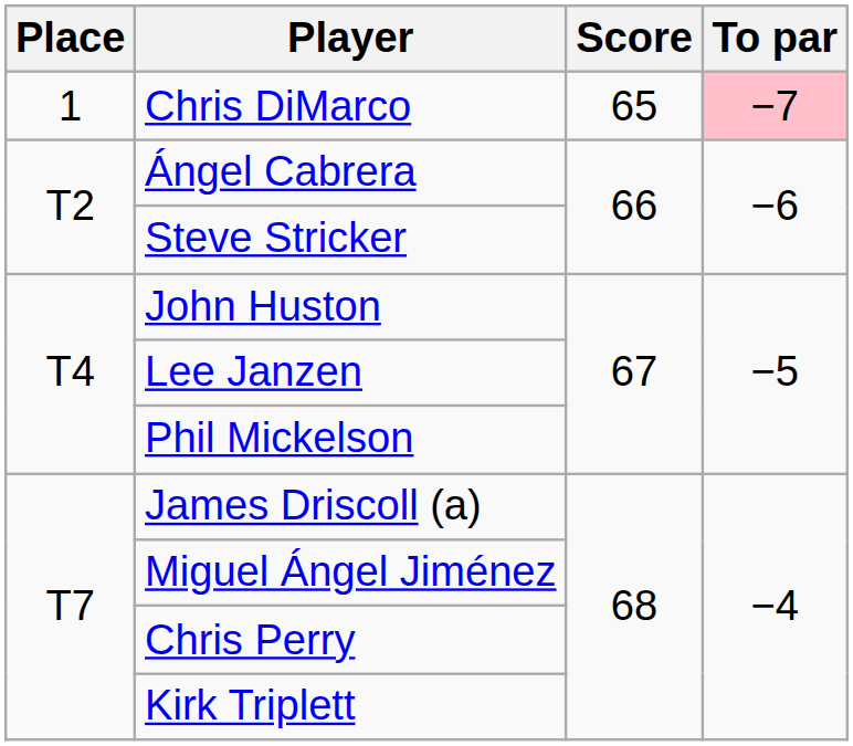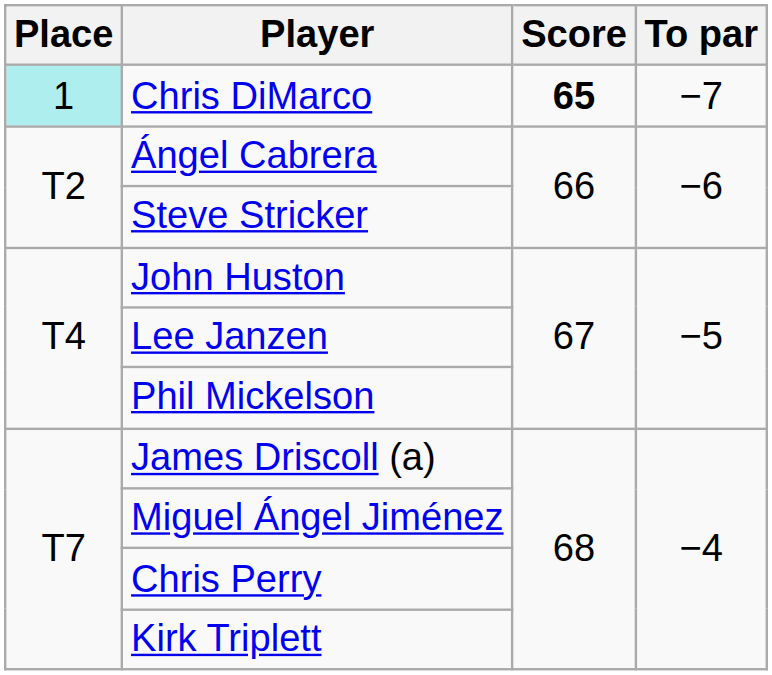 <table class="wikitable">
 <tr>
 <th>Place</th>
 <th>Player</th>
 <th>Score</th>
 <th>To par</th>
 </tr>
 <tr>
-<td align=center>1</td>
+<td align=center style="background: paleturquoise;">1</td>
 <td> <a href='#'>Chris DiMarco</a></td>
-<td align=center>65</td>
-<td align=center style="background: pink;">−7</td>
+<td align=center><strong>65</strong></td>
+<td align=center>−7</td>
 </tr>
 <tr>
 <td rowspan="2" align=center>T2</td>
 <td> <a href='#'>Ángel Cabrera</a></td>
 <td rowspan="2" align=center>66</td>
 <td rowspan="2" align=center>−6</td>
 </tr>
 <tr>
 <td> <a href='#'>Steve Stricker</a></td>
 </tr>
 <tr>
 <td rowspan="3" align=center>T4</td>
 <td> <a href='#'>John Huston</a></td>
 <td rowspan="3" align=center>67</td>
 <td rowspan="3" align=center>−5</td>
 </tr>
 <tr>
 <td> <a href='#'>Lee Janzen</a></td>
 </tr>
 <tr>
 <td> <a href='#'>Phil Mickelson</a></td>
 </tr>
 <tr>
 <td rowspan="4" align=center>T7</td>
 <td> <a href='#'>James Driscoll</a> (a)</td>
 <td rowspan="4" align=center>68</td>
 <td rowspan="4" align=center>−4</td>
 </tr>
 <tr>
 <td> <a href='#'>Miguel Ángel Jiménez</a></td>
 </tr>
 <tr>
 <td> <a href='#'>Chris Perry</a></td>
 </tr>
 <tr>
 <td> <a href='#'>Kirk Triplett</a></td>
 </tr>
 </table>
